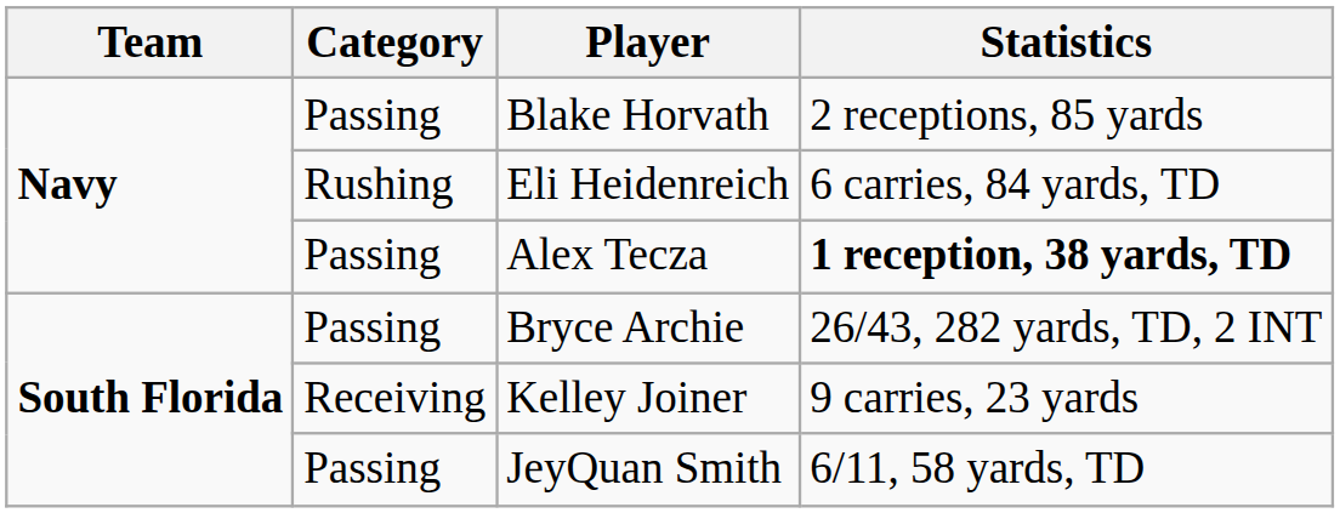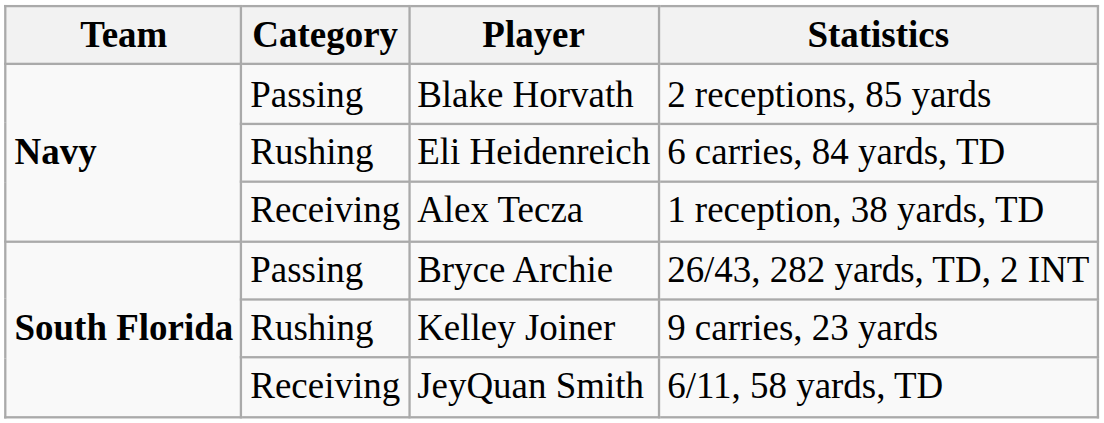 <table class="wikitable" style="float: right;">
 <tr>
 <th>Team</th>
 <th>Category</th>
 <th>Player</th>
 <th>Statistics</th>
 </tr>
 <tr>
 <td rowspan=3><strong>Navy</strong></td>
 <td>Passing</td>
 <td>Blake Horvath</td>
 <td>2 receptions, 85 yards</td>
 </tr>
 <tr>
 <td>Rushing</td>
 <td>Eli Heidenreich</td>
 <td>6 carries, 84 yards, TD</td>
 </tr>
 <tr>
-<td>Passing</td>
+<td>Receiving</td>
 <td>Alex Tecza</td>
-<td><strong>1 reception, 38 yards, TD</strong></td>
+<td>1 reception, 38 yards, TD</td>
 </tr>
 <tr>
 <td rowspan=3><strong>South Florida</strong></td>
 <td>Passing</td>
 <td>Bryce Archie</td>
 <td>26/43, 282 yards, TD, 2 INT</td>
 </tr>
 <tr>
-<td>Receiving</td>
+<td>Rushing</td>
 <td>Kelley Joiner</td>
 <td>9 carries, 23 yards</td>
 </tr>
 <tr>
-<td>Passing</td>
+<td>Receiving</td>
 <td>JeyQuan Smith</td>
 <td>6/11, 58 yards, TD</td>
 </tr>
 </table>
